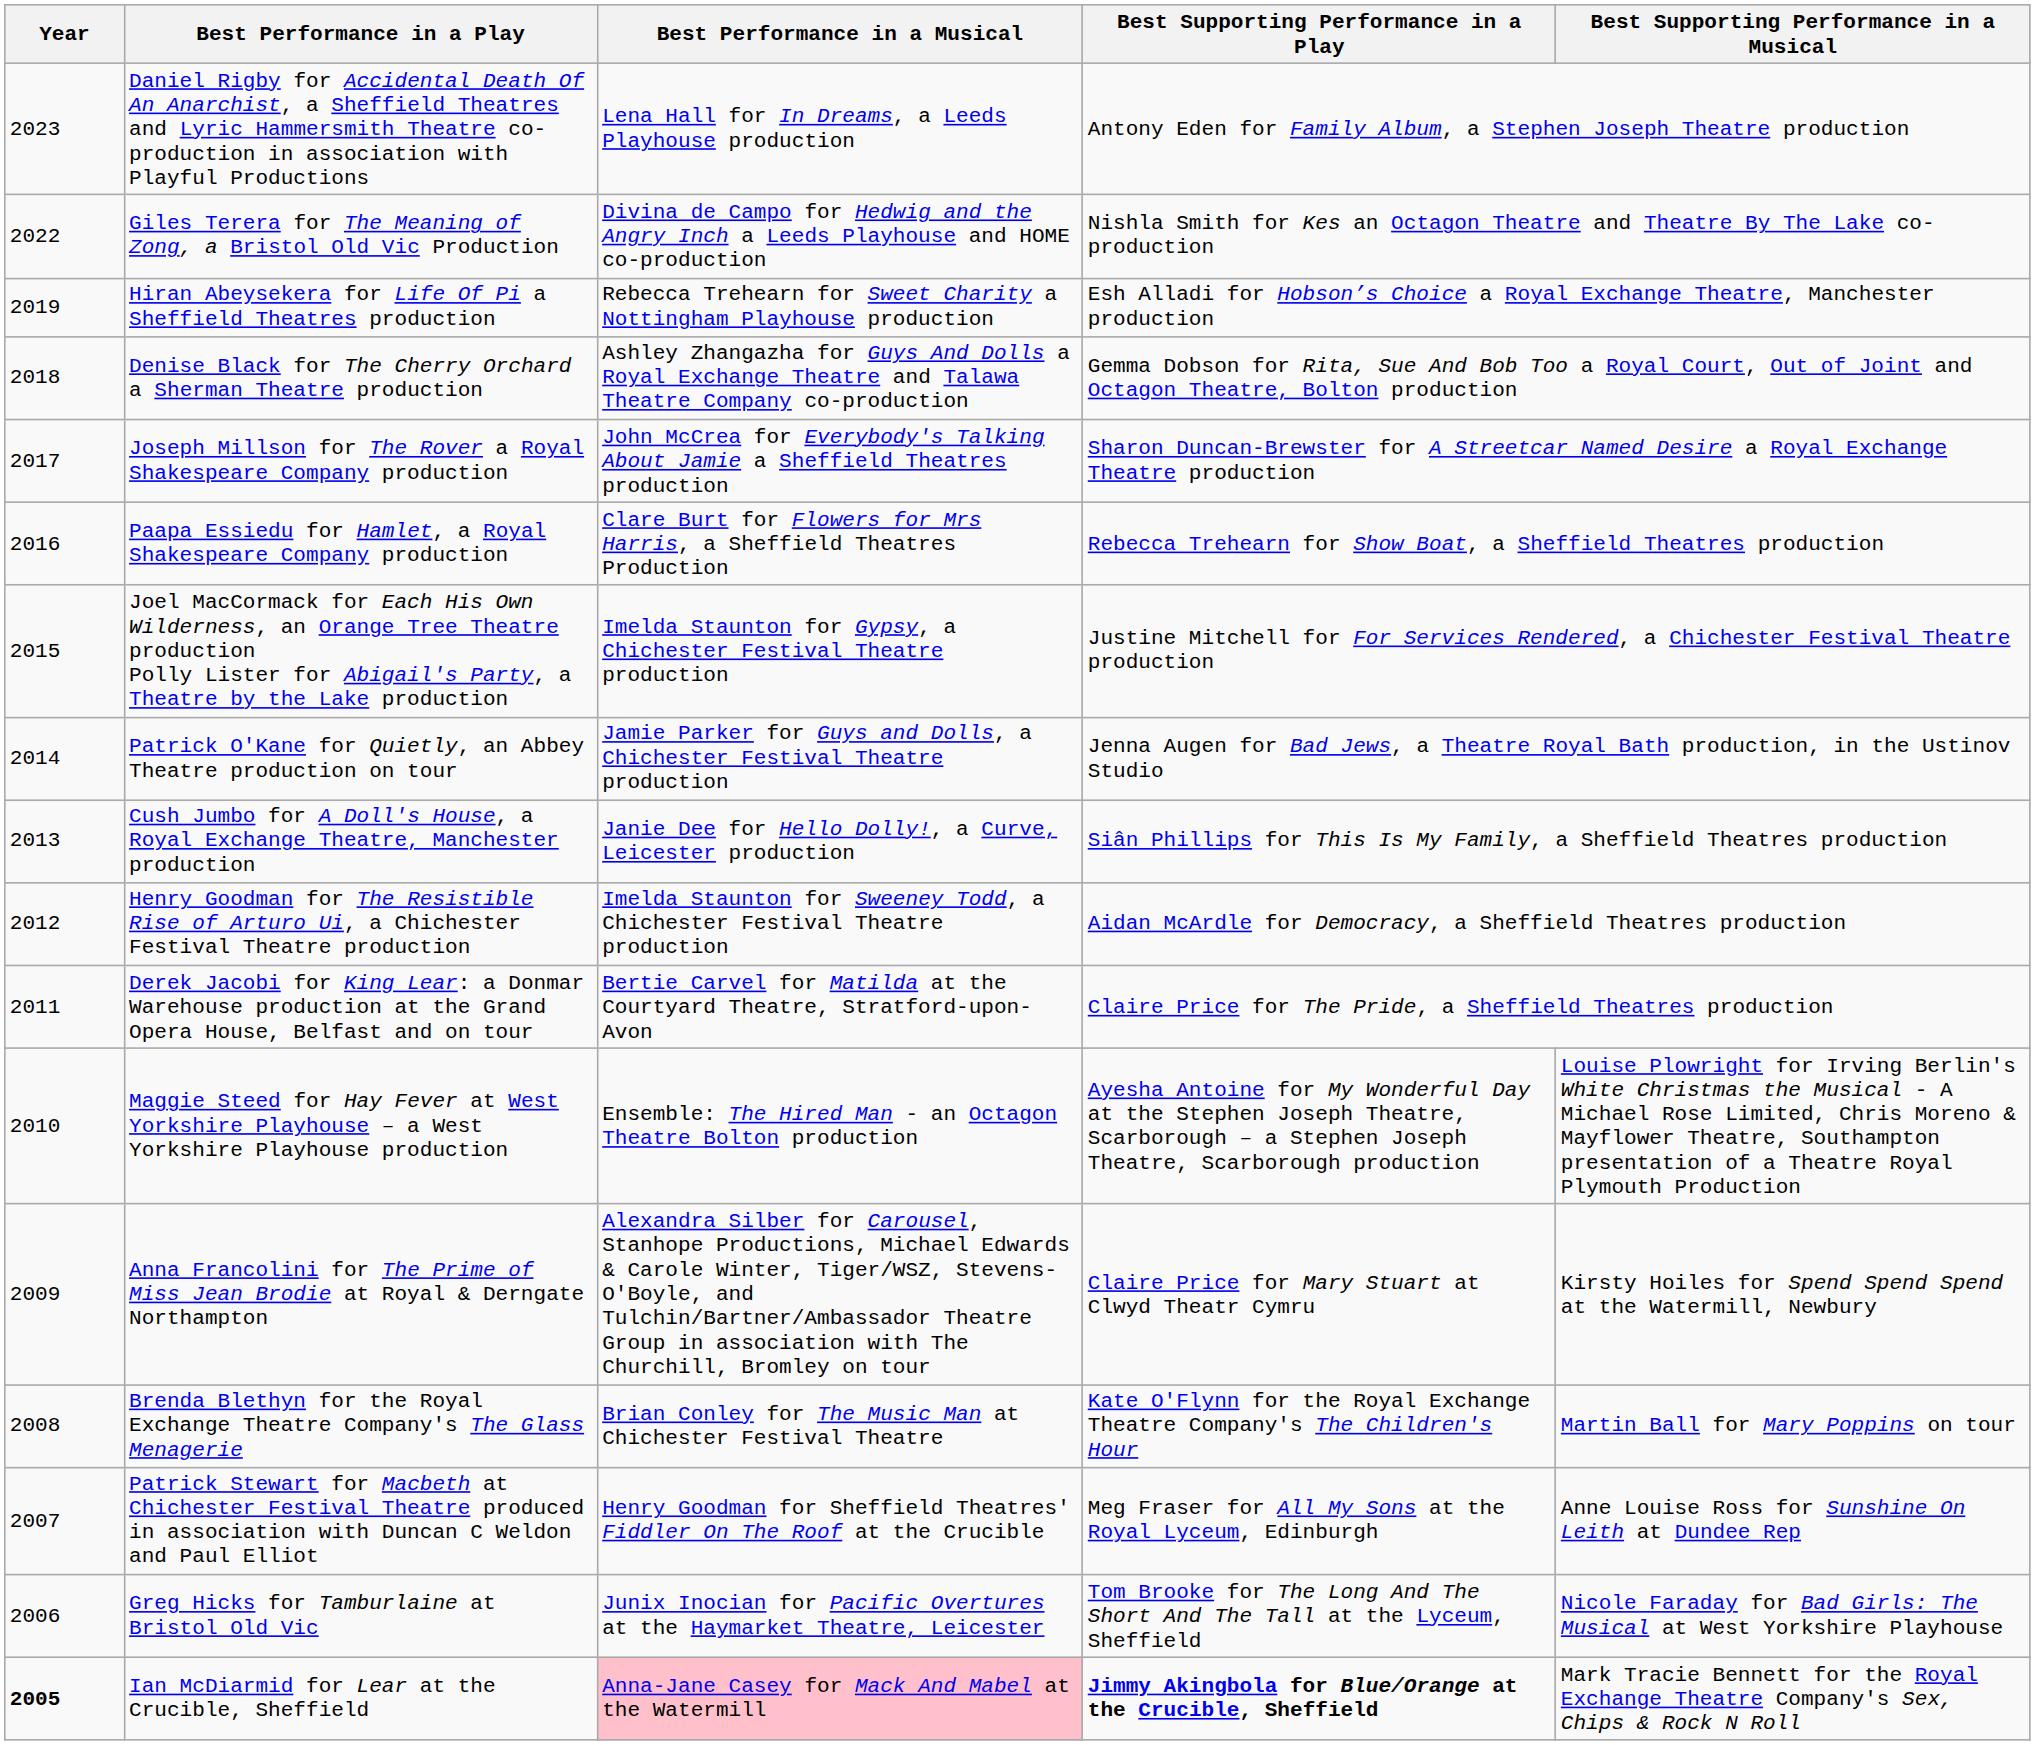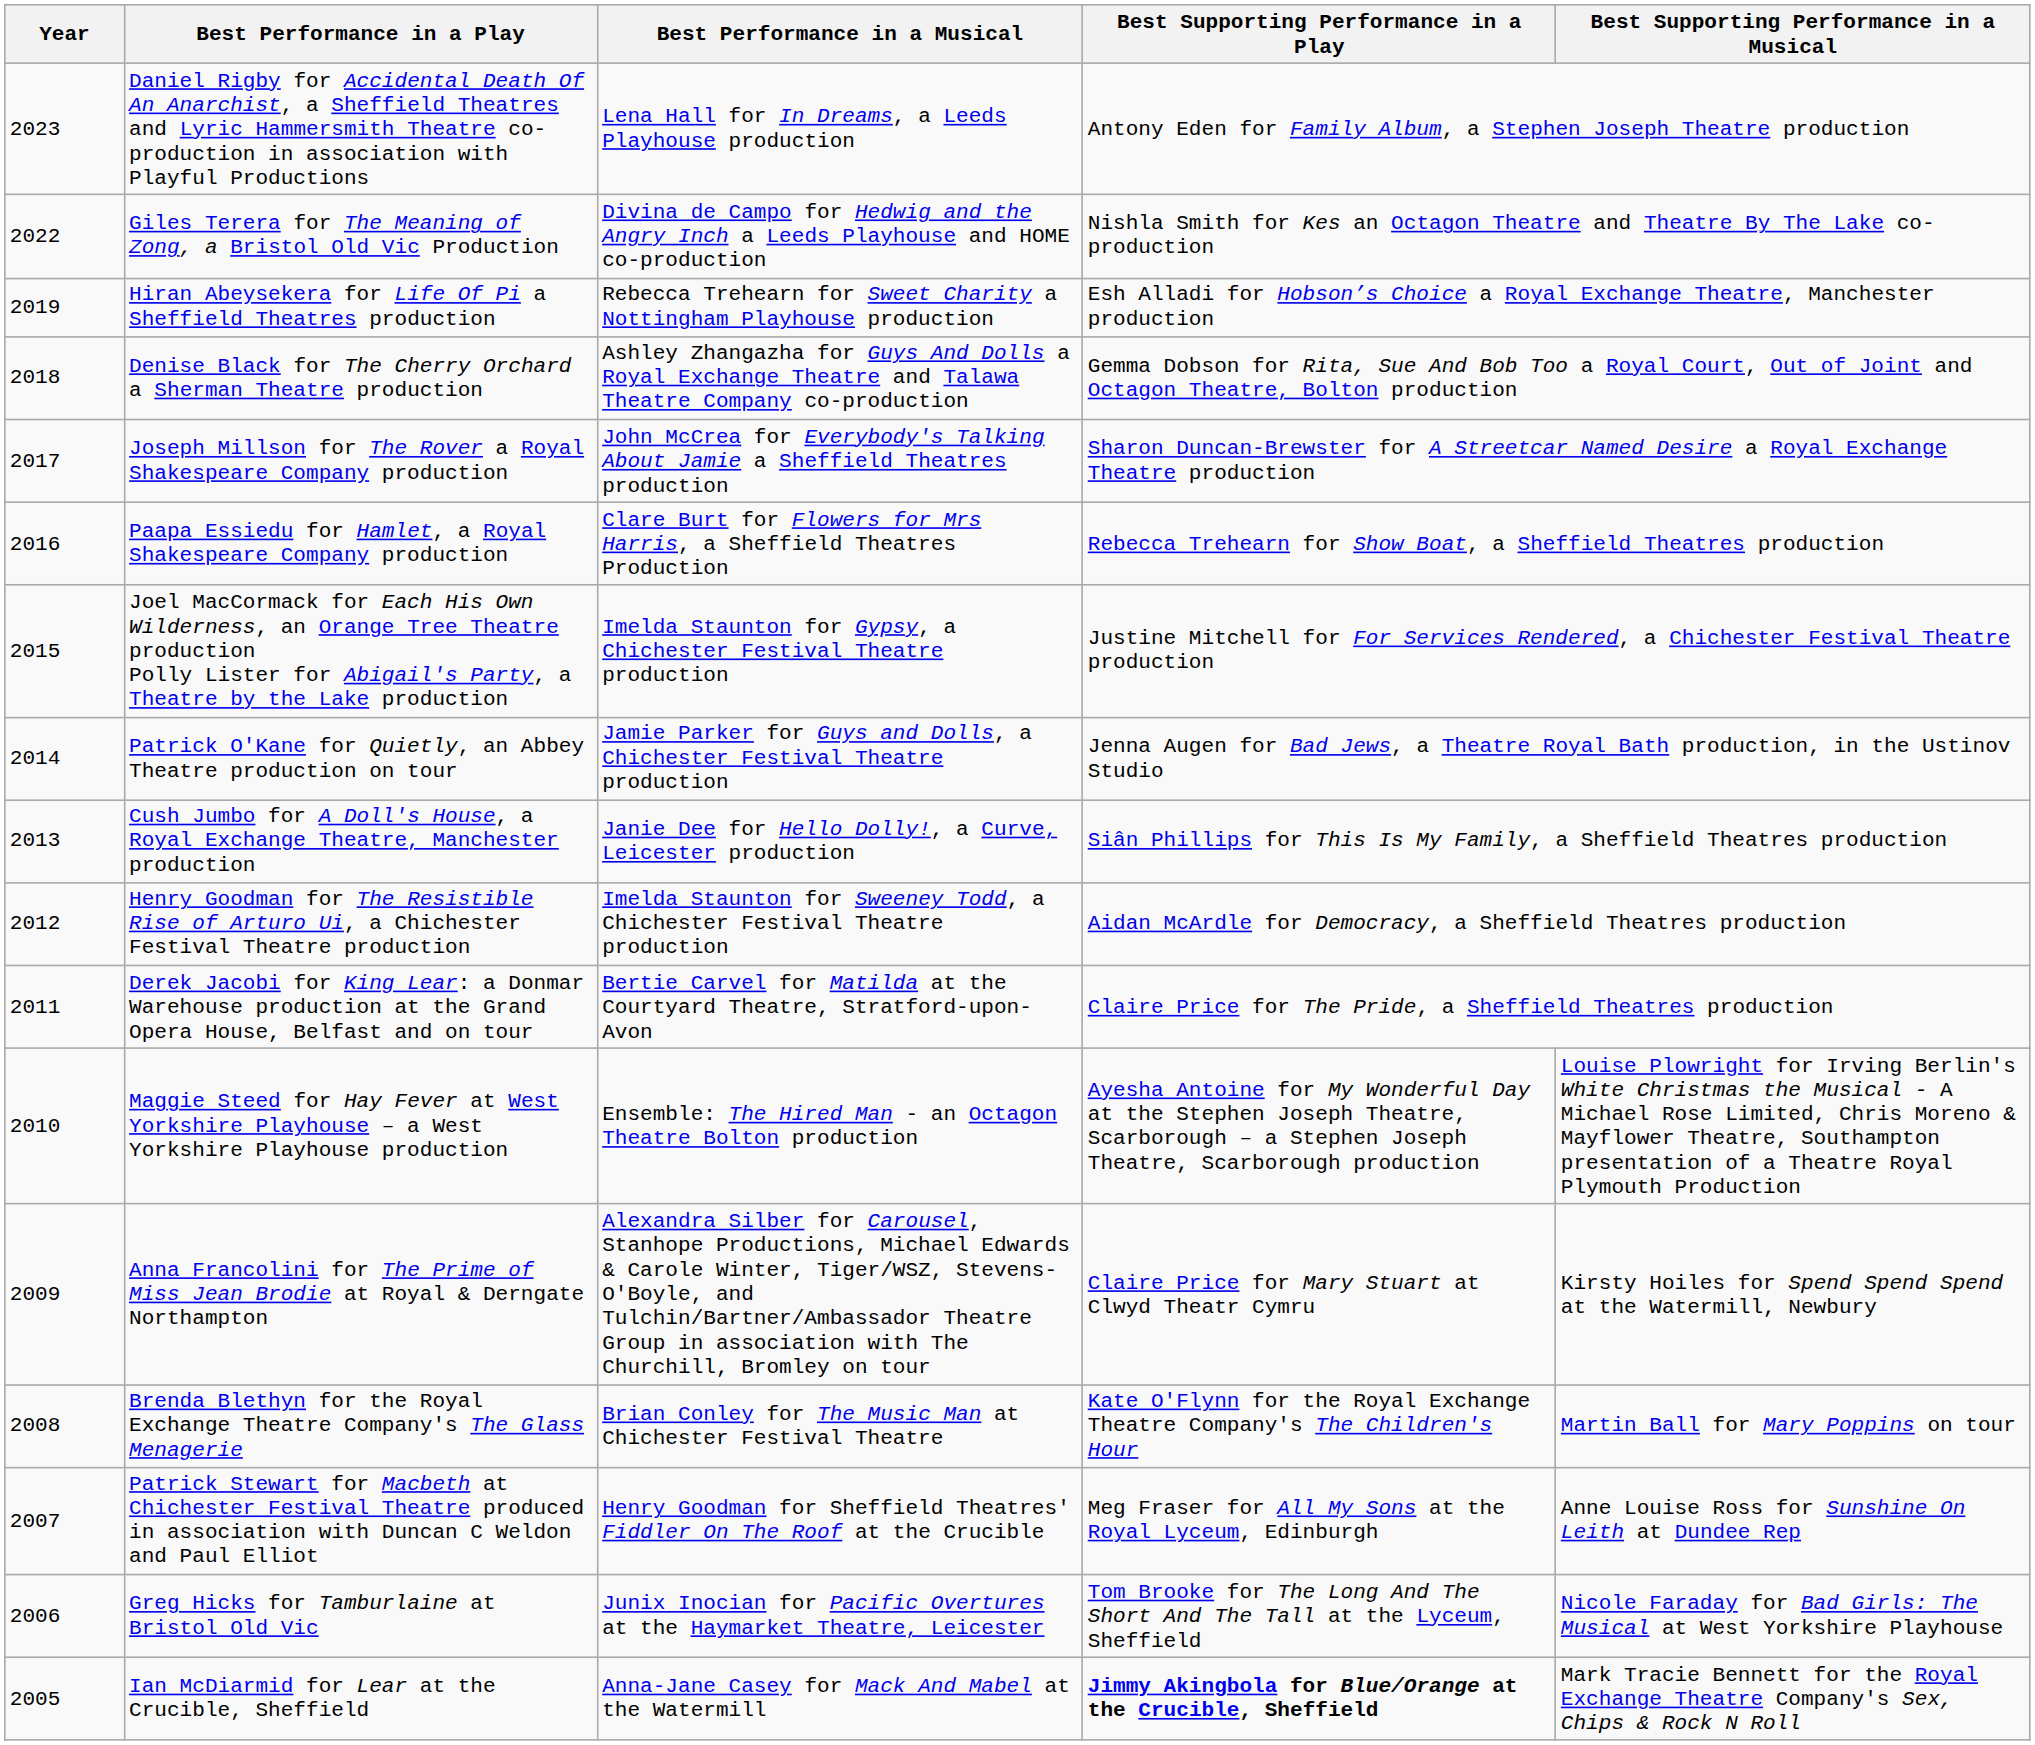 <table class="wikitable">
 <tr>
 <th scope="col" width="70">Year</th>
 <th scope="col" width="300">Best Performance in a Play</th>
 <th scope="col" width="300">Best Performance in a Musical</th>
 <th scope="col" width="300">Best Supporting Performance in a Play</th>
 <th scope="col" width="300">Best Supporting Performance in a Musical</th>
 </tr>
 <tr>
 <td>2023</td>
 <td><a href='#'>Daniel Rigby</a> for <em><a href='#'>Accidental Death Of An Anarchist</a></em>, a <a href='#'>Sheffield Theatres</a> and <a href='#'>Lyric Hammersmith Theatre</a> co-production in association with Playful Productions</td>
 <td><a href='#'>Lena Hall</a> for <em><a href='#'>In Dreams</a></em>, a <a href='#'>Leeds Playhouse</a> production</td>
 <td colspan="2">Antony Eden for <em><a href='#'>Family Album</a></em>, a <a href='#'>Stephen Joseph Theatre</a> production</td>
 </tr>
 <tr>
 <td>2022</td>
 <td><a href='#'>Giles Terera</a> for <em><a href='#'>The Meaning of Zong</a>, a</em> <a href='#'>Bristol Old Vic</a> Production</td>
 <td><a href='#'>Divina de Campo</a> for <em><a href='#'>Hedwig and the Angry Inch</a></em> a <a href='#'>Leeds Playhouse</a> and HOME co-production</td>
 <td colspan="2">Nishla Smith for <em>Kes</em> an <a href='#'>Octagon Theatre</a> and <a href='#'>Theatre By The Lake</a> co-production</td>
 </tr>
 <tr>
 <td>2019</td>
 <td><a href='#'>Hiran Abeysekera</a> for <em><a href='#'>Life Of Pi</a></em> a <a href='#'>Sheffield Theatres</a> production</td>
 <td>Rebecca Trehearn for <em><a href='#'>Sweet Charity</a></em> a <a href='#'>Nottingham Playhouse</a> production</td>
 <td colspan="2">Esh Alladi for <em><a href='#'>Hobson’s Choice</a></em> a <a href='#'>Royal Exchange Theatre</a>, Manchester production</td>
 </tr>
 <tr>
 <td>2018</td>
 <td><a href='#'>Denise Black</a> for <em>The Cherry Orchard</em> a <a href='#'>Sherman Theatre</a> production</td>
 <td>Ashley Zhangazha for <em><a href='#'>Guys And Dolls</a></em> a <a href='#'>Royal Exchange Theatre</a> and <a href='#'>Talawa Theatre Company</a> co-production</td>
 <td colspan="2">Gemma Dobson for <em>Rita, Sue And Bob Too</em> a <a href='#'>Royal Court</a>, <a href='#'>Out of Joint</a> and <a href='#'>Octagon Theatre, Bolton</a> production</td>
 </tr>
 <tr>
 <td>2017</td>
 <td><a href='#'>Joseph Millson</a> for <em><a href='#'>The Rover</a></em> a <a href='#'>Royal Shakespeare Company</a> production</td>
 <td><a href='#'>John McCrea</a> for <em><a href='#'>Everybody's Talking About Jamie</a></em> a <a href='#'>Sheffield Theatres</a> production</td>
 <td colspan="2"><a href='#'>Sharon Duncan-Brewster</a> for <em><a href='#'>A Streetcar Named Desire</a></em> a <a href='#'>Royal Exchange Theatre</a> production</td>
 </tr>
 <tr>
 <td>2016</td>
 <td><a href='#'>Paapa Essiedu</a> for <em><a href='#'>Hamlet</a></em>, a <a href='#'>Royal Shakespeare Company</a> production</td>
 <td><a href='#'>Clare Burt</a> for <em><a href='#'>Flowers for Mrs Harris</a></em>, a Sheffield Theatres Production</td>
 <td colspan="2"><a href='#'>Rebecca Trehearn</a> for <em><a href='#'>Show Boat</a></em>, a <a href='#'>Sheffield Theatres</a> production</td>
 </tr>
 <tr>
 <td>2015</td>
 <td>Joel MacCormack for <em>Each His Own Wilderness</em>, an <a href='#'>Orange Tree Theatre</a> production<br>Polly Lister for <em><a href='#'>Abigail's Party</a></em>, a <a href='#'>Theatre by the Lake</a> production</td>
 <td><a href='#'>Imelda Staunton</a> for <em><a href='#'>Gypsy</a></em>, a <a href='#'>Chichester Festival Theatre</a> production</td>
 <td colspan="2">Justine Mitchell for <em><a href='#'>For Services Rendered</a></em>, a <a href='#'>Chichester Festival Theatre</a> production</td>
 </tr>
 <tr>
 <td>2014</td>
 <td><a href='#'>Patrick O'Kane</a> for <em>Quietly</em>, an Abbey Theatre production on tour</td>
 <td><a href='#'>Jamie Parker</a> for <em><a href='#'>Guys and Dolls</a></em>, a <a href='#'>Chichester Festival Theatre</a> production</td>
 <td colspan="2">Jenna Augen for <em><a href='#'>Bad Jews</a></em>, a <a href='#'>Theatre Royal Bath</a> production, in the Ustinov Studio</td>
 </tr>
 <tr>
 <td>2013</td>
 <td><a href='#'>Cush Jumbo</a> for <em><a href='#'>A Doll's House</a></em>, a <a href='#'>Royal Exchange Theatre, Manchester</a> production</td>
 <td><a href='#'>Janie Dee</a> for <em><a href='#'>Hello Dolly!</a></em>, a <a href='#'>Curve, Leicester</a> production</td>
 <td colspan="2"><a href='#'>Siân Phillips</a> for <em>This Is My Family</em>, a Sheffield Theatres production</td>
 </tr>
 <tr>
 <td>2012</td>
 <td><a href='#'>Henry Goodman</a> for <em><a href='#'>The Resistible Rise of Arturo Ui</a></em>, a Chichester Festival Theatre production</td>
 <td><a href='#'>Imelda Staunton</a> for <a href='#'><em>Sweeney Todd</em></a>, a Chichester Festival Theatre production</td>
 <td colspan="2"><a href='#'>Aidan McArdle</a> for <em>Democracy</em>, a Sheffield Theatres production</td>
 </tr>
 <tr>
 <td>2011</td>
 <td><a href='#'>Derek Jacobi</a> for <em><a href='#'>King Lear</a></em>: a Donmar Warehouse production at the Grand Opera House, Belfast and on tour</td>
 <td><a href='#'>Bertie Carvel</a> for <a href='#'><em>Matilda</em></a> at the Courtyard Theatre, Stratford-upon-Avon</td>
 <td colspan="2"><a href='#'>Claire Price</a> for <em>The Pride</em>, a <a href='#'>Sheffield Theatres</a> production</td>
 </tr>
 <tr>
 <td>2010</td>
 <td><a href='#'>Maggie Steed</a> for <em>Hay Fever</em> at <a href='#'>West Yorkshire Playhouse</a> – a West Yorkshire Playhouse production</td>
 <td>Ensemble: <em><a href='#'>The Hired Man</a></em> - an <a href='#'>Octagon Theatre Bolton</a> production</td>
 <td><a href='#'>Ayesha Antoine</a> for <em>My Wonderful Day</em> at the Stephen Joseph Theatre, Scarborough – a Stephen Joseph Theatre, Scarborough production</td>
 <td><a href='#'>Louise Plowright</a> for Irving Berlin's <em>White Christmas the Musical</em> - A Michael Rose Limited, Chris Moreno & Mayflower Theatre, Southampton presentation of a Theatre Royal Plymouth Production</td>
 </tr>
 <tr>
 <td>2009</td>
 <td><a href='#'>Anna Francolini</a> for <em><a href='#'>The Prime of Miss Jean Brodie</a></em> at Royal & Derngate Northampton</td>
 <td><a href='#'>Alexandra Silber</a> for <em><a href='#'>Carousel</a></em>, Stanhope Productions, Michael Edwards & Carole Winter, Tiger/WSZ, Stevens-O'Boyle, and Tulchin/Bartner/Ambassador Theatre Group in association with The Churchill, Bromley on tour</td>
 <td><a href='#'>Claire Price</a> for <em>Mary Stuart</em> at Clwyd Theatr Cymru</td>
 <td>Kirsty Hoiles for <em>Spend Spend Spend</em> at the Watermill, Newbury</td>
 </tr>
 <tr>
 <td>2008</td>
 <td><a href='#'>Brenda Blethyn</a> for the Royal Exchange Theatre Company's <em><a href='#'>The Glass Menagerie</a></em></td>
 <td><a href='#'>Brian Conley</a> for <em><a href='#'>The Music Man</a></em> at Chichester Festival Theatre</td>
 <td><a href='#'>Kate O'Flynn</a> for the Royal Exchange Theatre Company's <em><a href='#'>The Children's Hour</a></em></td>
 <td><a href='#'>Martin Ball</a> for <em><a href='#'>Mary Poppins</a></em> on tour</td>
 </tr>
 <tr>
 <td>2007</td>
 <td><a href='#'>Patrick Stewart</a> for <em><a href='#'>Macbeth</a></em> at <a href='#'>Chichester Festival Theatre</a> produced in association with Duncan C Weldon and Paul Elliot</td>
 <td><a href='#'>Henry Goodman</a> for Sheffield Theatres' <em><a href='#'>Fiddler On The Roof</a></em> at the Crucible</td>
 <td>Meg Fraser for <em><a href='#'>All My Sons</a></em> at the <a href='#'>Royal Lyceum</a>, Edinburgh</td>
 <td>Anne Louise Ross for <em><a href='#'>Sunshine On Leith</a></em> at <a href='#'>Dundee Rep</a></td>
 </tr>
 <tr>
 <td>2006</td>
 <td><a href='#'>Greg Hicks</a> for <em>Tamburlaine</em> at <a href='#'>Bristol Old Vic</a></td>
 <td><a href='#'>Junix Inocian</a> for <em><a href='#'>Pacific Overtures</a></em> at the <a href='#'>Haymarket Theatre, Leicester</a></td>
 <td><a href='#'>Tom Brooke</a> for <em>The Long And The Short And The Tall</em> at the <a href='#'>Lyceum</a>, Sheffield</td>
 <td><a href='#'>Nicole Faraday</a> for <em><a href='#'>Bad Girls: The Musical</a></em> at West Yorkshire Playhouse</td>
 </tr>
 <tr>
-<td><strong>2005</strong></td>
+<td>2005</td>
 <td><a href='#'>Ian McDiarmid</a> for <em>Lear</em> at the Crucible, Sheffield</td>
-<td style="background: pink;"><a href='#'>Anna-Jane Casey</a> for <em><a href='#'>Mack And Mabel</a></em> at the Watermill</td>
+<td><a href='#'>Anna-Jane Casey</a> for <em><a href='#'>Mack And Mabel</a></em> at the Watermill</td>
 <td><strong><a href='#'>Jimmy Akingbola</a> for <em>Blue/Orange</em> at the <a href='#'>Crucible</a>, Sheffield</strong></td>
 <td>Mark Tracie Bennett for the <a href='#'>Royal Exchange Theatre</a> Company's <em>Sex, Chips & Rock N Roll</em></td>
 </tr>
 </table>
